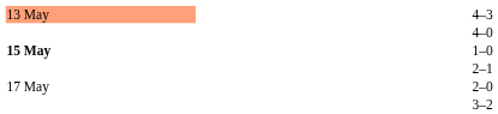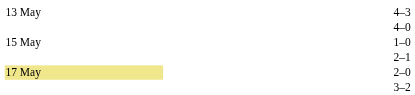 <table cellspacing=1 width=70%>
 <tr>
 <th width=25%></th>
 <th width=30%></th>
 <th width=15%></th>
 <th width=30%></th>
 </tr>
 <tr>
-<td style="background: lightsalmon;">13 May</td>
+<td>13 May</td>
 <td align=right></td>
 <td align=center>4–3</td>
 <td></td>
 </tr>
 <tr>
 <td></td>
 <td align=right></td>
 <td align=center>4–0</td>
 <td></td>
 </tr>
 <tr>
-<td><strong>15 May</strong></td>
+<td>15 May</td>
 <td align=right></td>
 <td align=center>1–0</td>
 <td></td>
 </tr>
 <tr>
 <td></td>
 <td align=right></td>
 <td align=center>2–1</td>
 <td></td>
 </tr>
 <tr>
-<td>17 May</td>
+<td style="background: khaki;">17 May</td>
 <td align=right></td>
 <td align=center>2–0</td>
 <td></td>
 </tr>
 <tr>
 <td></td>
 <td align=right></td>
 <td align=center>3–2</td>
 <td></td>
 </tr>
 </table>
